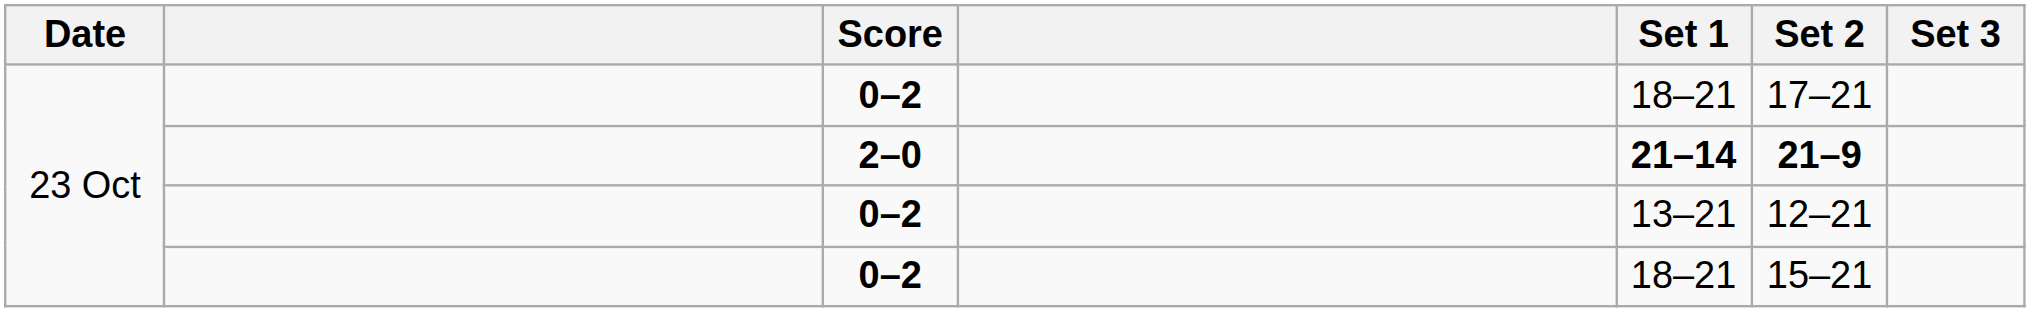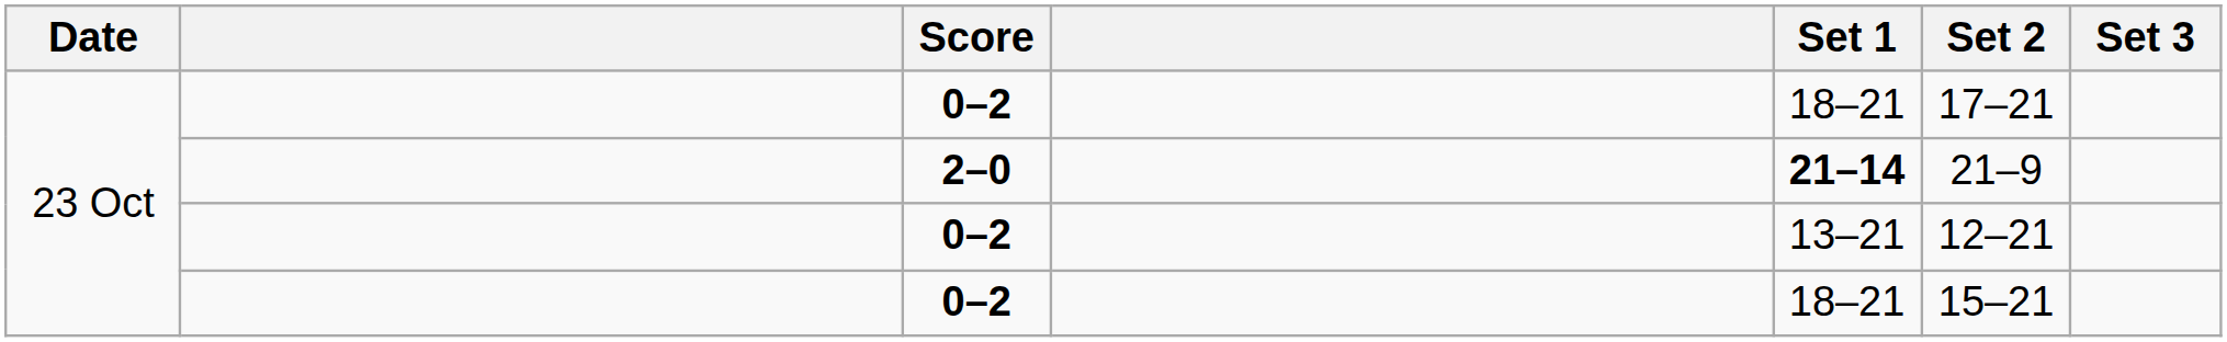 <table class="wikitable" style="text-align: center;">
 <tr>
 <th width="60">Date</th>
 <th align="right" width="270"></th>
 <th width="50">Score</th>
 <th align="left" width="270"></th>
 <th width="50">Set 1</th>
 <th width="50">Set 2</th>
 <th width="50">Set 3</th>
 </tr>
 <tr>
 <td rowspan=4>23 Oct</td>
 <td align=left></td>
 <td align=center><strong>0–2</strong></td>
 <td align=left><strong></strong></td>
 <td>18–21</td>
 <td>17–21</td>
 <td></td>
 </tr>
 <tr>
 <td align=left><strong></strong></td>
 <td align=center><strong>2–0</strong></td>
 <td align=left></td>
 <td><strong>21–14</strong></td>
-<td><strong>21–9</strong></td>
+<td>21–9</td>
 <td></td>
 </tr>
 <tr>
 <td align=left></td>
 <td align=center><strong>0–2</strong></td>
 <td align=left><strong></strong></td>
 <td>13–21</td>
 <td>12–21</td>
 <td></td>
 </tr>
 <tr>
 <td align=left></td>
 <td align=center><strong>0–2</strong></td>
 <td align=left><strong></strong></td>
 <td>18–21</td>
 <td>15–21</td>
 <td></td>
 </tr>
 </table>
